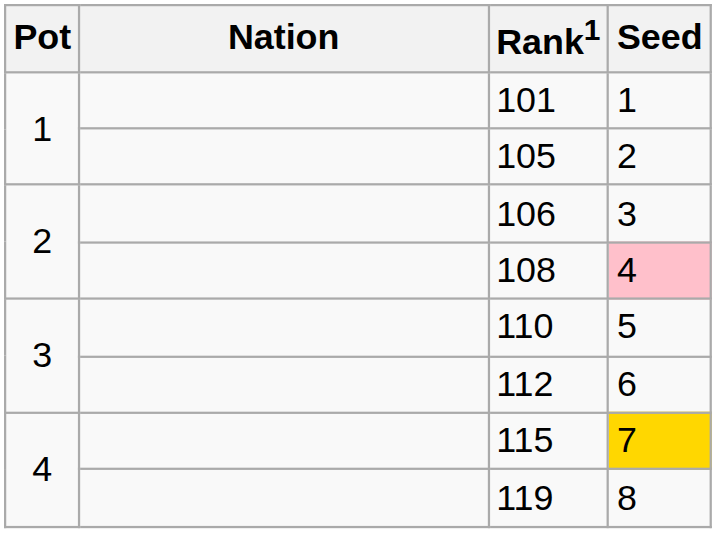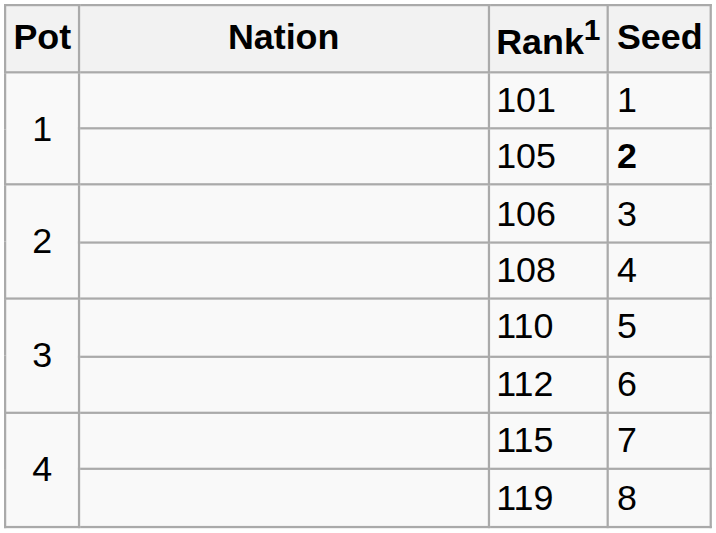 <table class="wikitable">
 <tr>
 <th>Pot</th>
 <th width="175">Nation</th>
 <th>Rank<sup>1</sup></th>
 <th>Seed</th>
 </tr>
 <tr>
 <td rowspan=2 style="text-align:center;">1</td>
 <td></td>
 <td>101</td>
 <td>1</td>
 </tr>
 <tr>
 <td></td>
 <td>105</td>
-<td>2</td>
+<td><strong>2</strong></td>
 </tr>
 <tr>
 <td rowspan=2 style="text-align:center;">2</td>
 <td></td>
 <td>106</td>
 <td>3</td>
 </tr>
 <tr>
 <td></td>
 <td>108</td>
-<td style="background: pink;">4</td>
+<td>4</td>
 </tr>
 <tr>
 <td rowspan=2 style="text-align:center;">3</td>
 <td></td>
 <td>110</td>
 <td>5</td>
 </tr>
 <tr>
 <td></td>
 <td>112</td>
 <td>6</td>
 </tr>
 <tr>
 <td rowspan=2 style="text-align:center;">4</td>
 <td></td>
 <td>115</td>
-<td style="background: gold;">7</td>
+<td>7</td>
 </tr>
 <tr>
 <td></td>
 <td>119</td>
 <td>8</td>
 </tr>
 </table>
